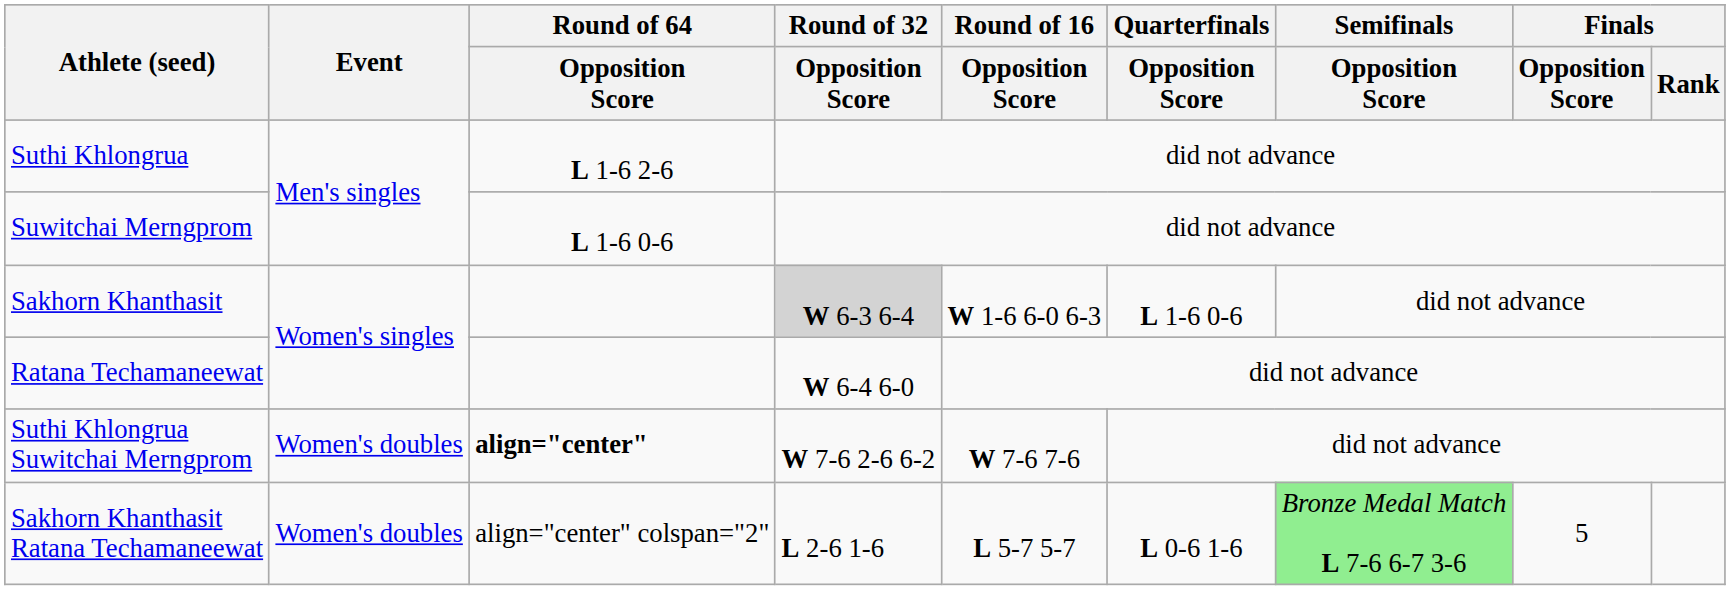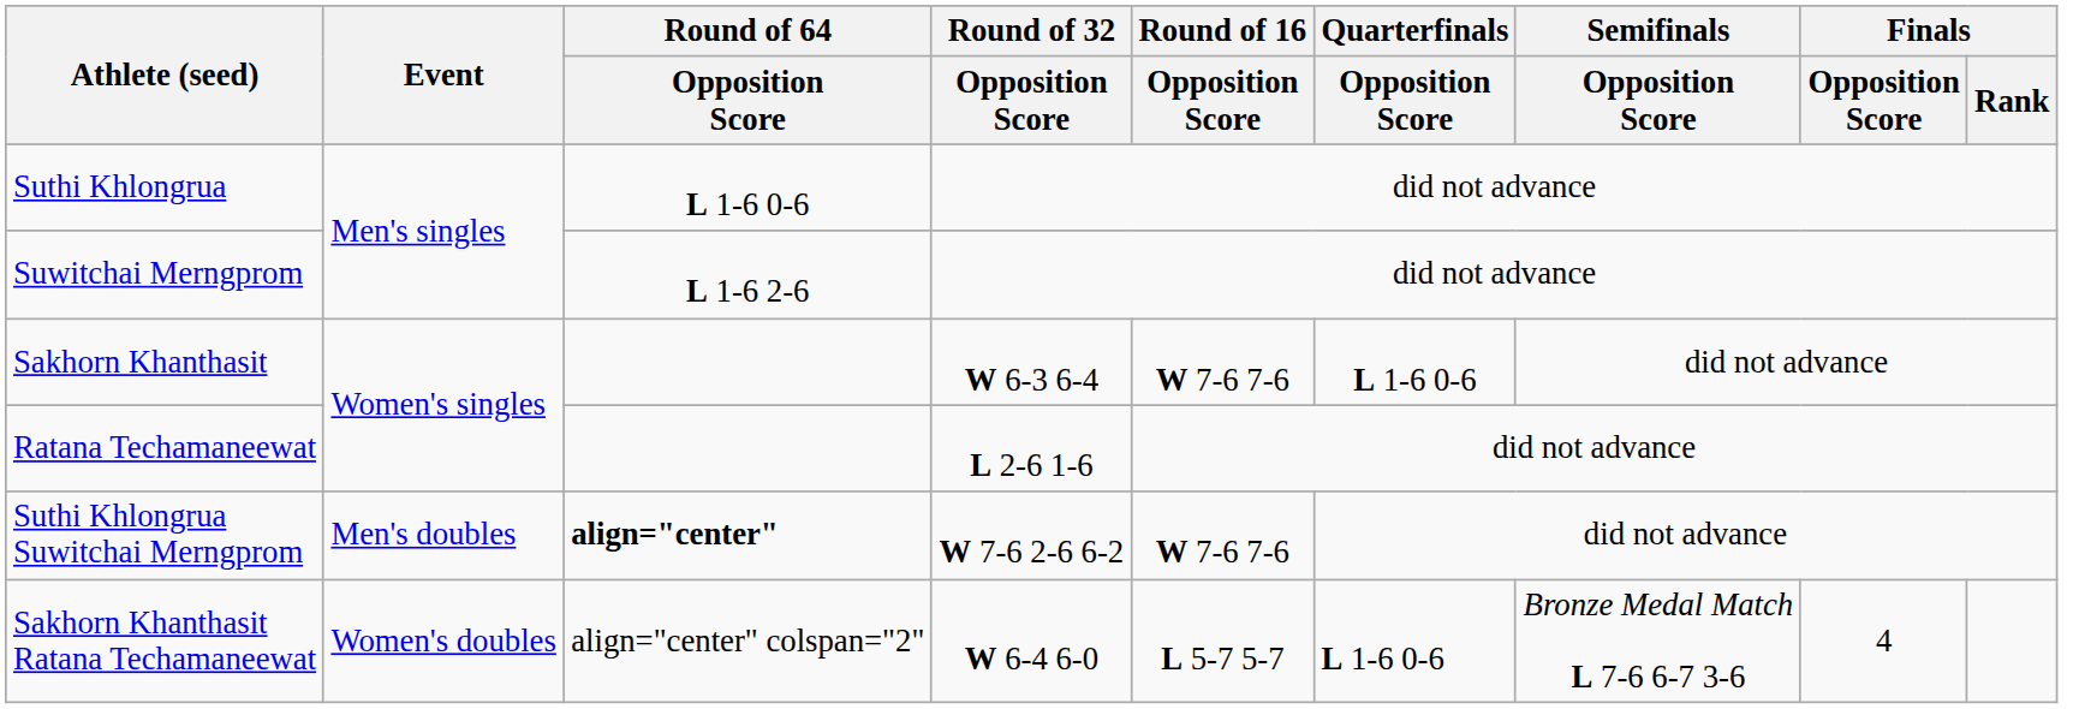 <table class=wikitable>
 <tr>
 <th rowspan="2">Athlete (seed)</th>
 <th rowspan="2">Event</th>
 <th>Round of 64</th>
 <th>Round of 32</th>
 <th>Round of 16</th>
 <th>Quarterfinals</th>
 <th>Semifinals</th>
 <th colspan="2">Finals</th>
 </tr>
 <tr>
 <th>Opposition<br>Score</th>
 <th>Opposition<br>Score</th>
 <th>Opposition<br>Score</th>
 <th>Opposition<br>Score</th>
 <th>Opposition<br>Score</th>
 <th>Opposition<br>Score</th>
 <th>Rank</th>
 </tr>
 <tr align="center">
 <td align="left"><a href='#'>Suthi Khlongrua</a></td>
 <td align="left" rowspan="2"><a href='#'>Men's singles</a></td>
-<td><br><strong>L</strong> 1-6 2-6</td>
+<td><br><strong>L</strong> 1-6 0-6</td>
 <td colspan=6>did not advance</td>
 </tr>
 <tr align="center">
 <td align="left"><a href='#'>Suwitchai Merngprom</a></td>
-<td><br><strong>L</strong> 1-6 0-6</td>
+<td><br><strong>L</strong> 1-6 2-6</td>
 <td colspan=6>did not advance</td>
 </tr>
 <tr align="center">
 <td align="left"><a href='#'>Sakhorn Khanthasit</a></td>
 <td align="left" rowspan="2"><a href='#'>Women's singles</a></td>
 <td></td>
-<td style="background: lightgrey;"><br><strong>W</strong> 6-3 6-4</td>
-<td><br><strong>W</strong> 1-6 6-0 6-3</td>
+<td><br><strong>W</strong> 6-3 6-4</td>
+<td align="center"><br><strong>W</strong> 7-6 7-6</td>
 <td><br><strong>L</strong> 1-6 0-6</td>
 <td colspan=3>did not advance</td>
 </tr>
 <tr align="center">
 <td align=left><a href='#'>Ratana Techamaneewat</a></td>
 <td></td>
-<td align="center"><br><strong>W</strong> 6-4 6-0</td>
+<td><br><strong>L</strong> 2-6 1-6</td>
 <td colspan=5>did not advance</td>
 </tr>
 <tr>
 <td><a href='#'>Suthi Khlongrua</a><br><a href='#'>Suwitchai Merngprom</a></td>
-<td><a href='#'>Women's doubles</a></td>
+<td><a href='#'>Men's doubles</a></td>
 <td><strong>align="center" </strong></td>
 <td align="center"><br><strong>W</strong> 7-6 2-6 6-2</td>
 <td align="center"><br><strong>W</strong> 7-6 7-6</td>
 <td align="center" colspan=4>did not advance</td>
 </tr>
 <tr>
 <td><a href='#'>Sakhorn Khanthasit</a><br><a href='#'>Ratana Techamaneewat</a></td>
 <td><a href='#'>Women's doubles</a></td>
 <td>align="center" colspan="2" </td>
-<td><br><strong>L</strong> 2-6 1-6</td>
+<td align="center"><br><strong>W</strong> 6-4 6-0</td>
 <td align="center"><br><strong>L</strong> 5-7 5-7</td>
-<td align="center"><br><strong>L</strong> 0-6 1-6</td>
-<td align="center" style="background: lightgreen;"><em>Bronze Medal Match</em><br><br><strong>L</strong> 7-6 6-7 3-6</td>
-<td align="center">5</td>
+<td><br><strong>L</strong> 1-6 0-6</td>
+<td align="center"><em>Bronze Medal Match</em><br><br><strong>L</strong> 7-6 6-7 3-6</td>
+<td align="center">4</td>
 </tr>
 </table>
